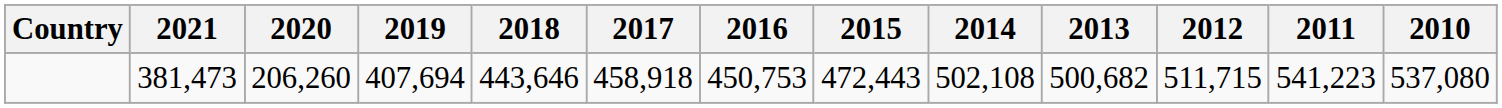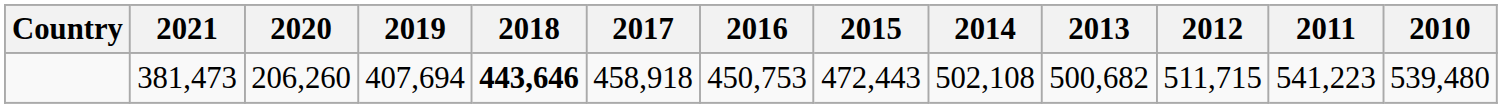 <table class="wikitable sortable">
 <tr>
 <th>Country</th>
 <th>2021</th>
 <th>2020</th>
 <th>2019</th>
 <th>2018</th>
 <th>2017</th>
 <th>2016</th>
 <th>2015</th>
 <th>2014</th>
 <th>2013</th>
 <th>2012</th>
 <th>2011</th>
 <th>2010</th>
 </tr>
 <tr>
 <td></td>
 <td> 381,473</td>
 <td> 206,260</td>
 <td> 407,694</td>
-<td> 443,646</td>
+<td><strong> 443,646</strong></td>
 <td> 458,918</td>
 <td> 450,753</td>
 <td> 472,443</td>
 <td> 502,108</td>
 <td> 500,682</td>
 <td> 511,715</td>
 <td> 541,223</td>
-<td>537,080</td>
+<td>539,480</td>
 </tr>
 </table>
